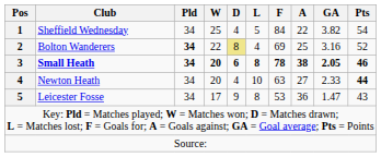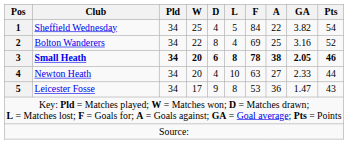 <table class="wikitable" style="text-align:center">
 <tr>
 <th scope=col>Pos</th>
 <th scope=col>Club</th>
 <th scope=col>Pld</th>
 <th scope=col>W</th>
 <th scope=col>D</th>
 <th scope=col>L</th>
 <th scope=col>F</th>
 <th scope=col>A</th>
 <th scope=col>GA</th>
 <th scope=col>Pts</th>
 </tr>
 <tr>
 <th scope=row>1</th>
 <td style=text-align:left><a href='#'>Sheffield Wednesday</a></td>
 <td>34</td>
 <td>25</td>
 <td>4</td>
 <td>5</td>
 <td>84</td>
 <td>22</td>
 <td>3.82</td>
 <td>54</td>
 </tr>
 <tr>
 <th scope=row>2</th>
 <td style=text-align:left><a href='#'>Bolton Wanderers</a></td>
-<td><strong>34</strong></td>
+<td>34</td>
 <td>22</td>
-<td style="background: khaki;">8</td>
+<td>8</td>
 <td>4</td>
 <td>69</td>
 <td>25</td>
 <td>3.16</td>
 <td>52</td>
 </tr>
 <tr style=font-weight:bold>
 <th scope=row>3</th>
 <td style=text-align:left><a href='#'>Small Heath</a></td>
 <td>34</td>
 <td>20</td>
 <td>6</td>
 <td>8</td>
 <td>78</td>
 <td>38</td>
 <td>2.05</td>
 <td>46</td>
 </tr>
 <tr>
 <th scope=row>4</th>
 <td style=text-align:left><a href='#'>Newton Heath</a></td>
 <td>34</td>
 <td>20</td>
 <td>4</td>
 <td>10</td>
 <td>63</td>
 <td>27</td>
 <td>2.33</td>
-<td><strong>44</strong></td>
+<td>44</td>
 </tr>
 <tr>
 <th scope=row>5</th>
 <td style=text-align:left><a href='#'>Leicester Fosse</a></td>
 <td>34</td>
 <td>17</td>
 <td>9</td>
 <td>8</td>
 <td>53</td>
 <td>36</td>
 <td>1.47</td>
 <td>43</td>
 </tr>
 <tr>
 <td colspan=10>Key: <strong>Pld</strong> = Matches played; <strong>W</strong> = Matches won; <strong>D</strong> = Matches drawn;<br><strong>L</strong> = Matches lost; <strong>F</strong> = Goals for; <strong>A</strong> = Goals against; <strong>GA</strong> = <a href='#'>Goal average</a>; <strong>Pts</strong> = Points</td>
 </tr>
 <tr>
 <td colspan=10>Source:</td>
 </tr>
 </table>
